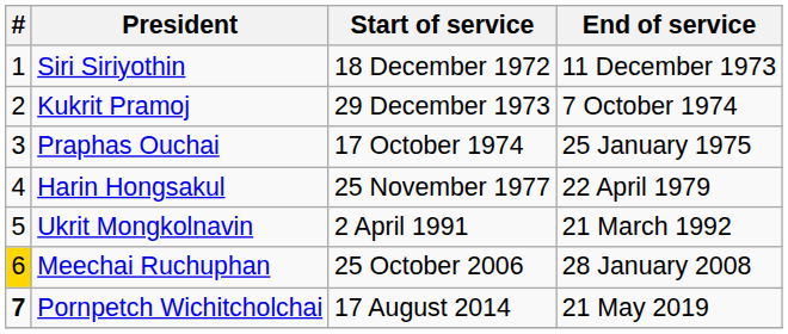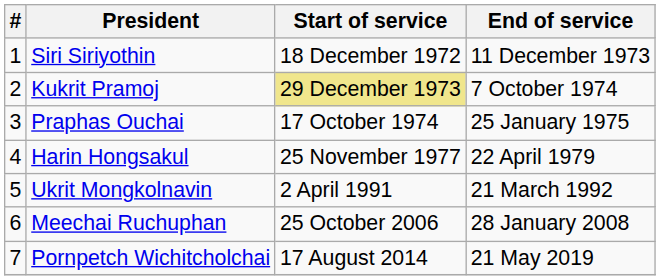 <table class="wikitable">
 <tr>
 <th>#</th>
 <th>President</th>
 <th>Start of service</th>
 <th>End of service</th>
 </tr>
 <tr>
 <td>1</td>
 <td><a href='#'>Siri Siriyothin</a></td>
 <td>18 December 1972</td>
 <td>11 December 1973</td>
 </tr>
 <tr>
 <td>2</td>
 <td><a href='#'>Kukrit Pramoj</a></td>
-<td>29 December 1973</td>
+<td style="background: khaki;">29 December 1973</td>
 <td>7 October 1974</td>
 </tr>
 <tr>
 <td>3</td>
 <td><a href='#'>Praphas Ouchai</a></td>
 <td>17 October 1974</td>
 <td>25 January 1975</td>
 </tr>
 <tr>
 <td>4</td>
 <td><a href='#'>Harin Hongsakul</a></td>
 <td>25 November 1977</td>
 <td>22 April 1979</td>
 </tr>
 <tr>
 <td>5</td>
 <td><a href='#'>Ukrit Mongkolnavin</a></td>
 <td>2 April 1991</td>
 <td>21 March 1992</td>
 </tr>
 <tr>
-<td style="background: gold;">6</td>
+<td>6</td>
 <td><a href='#'>Meechai Ruchuphan</a></td>
 <td>25 October 2006</td>
 <td>28 January 2008</td>
 </tr>
 <tr>
-<td><strong>7</strong></td>
+<td>7</td>
 <td><a href='#'>Pornpetch Wichitcholchai</a></td>
 <td>17 August 2014</td>
 <td>21 May 2019</td>
 </tr>
 <tr>
 </tr>
 </table>
